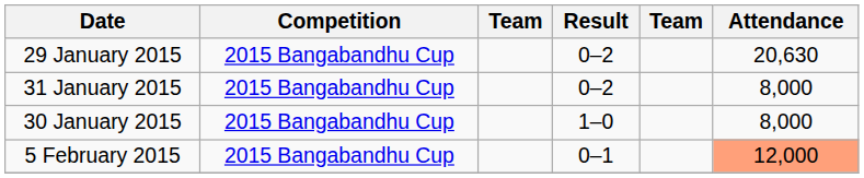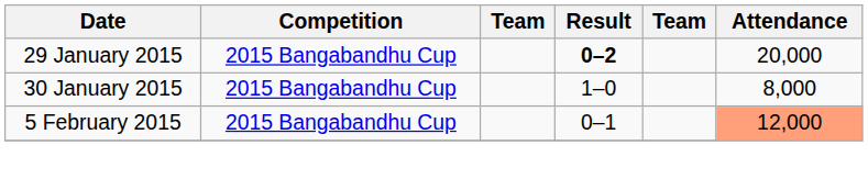 <table class="wikitable" style="text-align: left;" width="73%">
 <tr>
 <th>Date</th>
 <th>Competition</th>
 <th>Team</th>
 <th>Result</th>
 <th>Team</th>
 <th>Attendance</th>
 </tr>
 <tr>
 <td style="text-align:center;">29 January 2015</td>
 <td style="text-align:center;"><a href='#'>2015 Bangabandhu Cup</a></td>
 <td></td>
-<td align=center>0–2</td>
+<td align=center><strong>0–2</strong></td>
 <td></td>
-<td style="text-align:center;">20,630</td>
-</tr>
-<tr>
-<td style="text-align:center;">31 January 2015</td>
-<td style="text-align:center;"><a href='#'>2015 Bangabandhu Cup</a></td>
-<td></td>
-<td align=center>0–2</td>
-<td></td>
-<td style="text-align:center;">8,000</td>
+<td style="text-align:center;">20,000</td>
 </tr>
 <tr>
 <td style="text-align:center;">30 January 2015</td>
 <td style="text-align:center;"><a href='#'>2015 Bangabandhu Cup</a></td>
 <td></td>
 <td align=center>1–0</td>
 <td></td>
 <td style="text-align:center;">8,000</td>
 </tr>
 <tr>
 <td style="text-align:center;">5 February 2015</td>
 <td style="text-align:center;"><a href='#'>2015 Bangabandhu Cup</a></td>
 <td></td>
 <td align=center>0–1</td>
 <td></td>
 <td style="background: lightsalmon; text-align:center;">12,000</td>
 </tr>
 <tr>
 </tr>
 </table>
